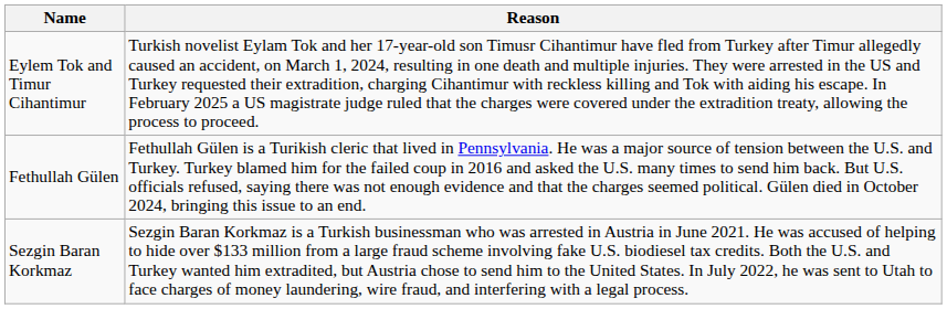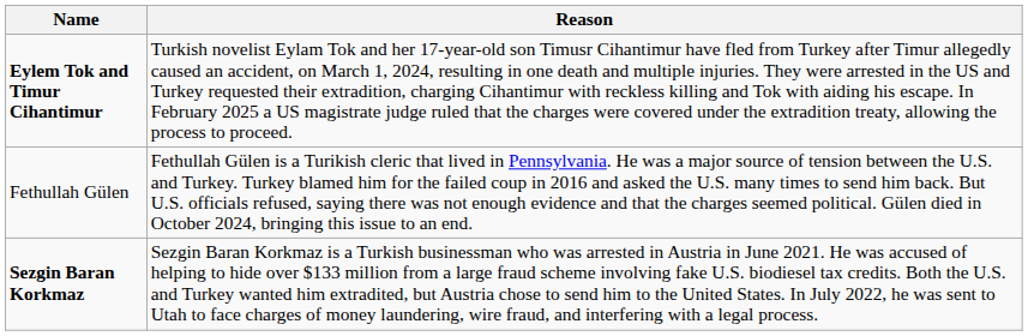 <table class="wikitable" style="margin:auto">
 <tr>
 <th>Name</th>
 <th>Reason</th>
 </tr>
 <tr>
-<td>Eylem Tok and Timur Cihantimur</td>
+<td><strong>Eylem Tok and Timur Cihantimur</strong></td>
 <td>Turkish novelist Eylam Tok and her 17-year-old son Timusr Cihantimur have fled from Turkey after Timur allegedly caused an accident, on March 1, 2024, resulting in one death and multiple injuries. They were arrested in the US and Turkey requested their extradition, charging Cihantimur with reckless killing and Tok with aiding his escape. In February 2025 a US magistrate judge ruled that the charges were covered under the extradition treaty, allowing the process to proceed.</td>
 </tr>
 <tr>
 <td>Fethullah Gülen</td>
 <td>Fethullah Gülen is a Turikish cleric that lived in <a href='#'>Pennsylvania</a>. He was a major source of tension between the U.S. and Turkey. Turkey blamed him for the failed coup in 2016 and asked the U.S. many times to send him back. But U.S. officials refused, saying there was not enough evidence and that the charges seemed political. Gülen died in October 2024, bringing this issue to an end.</td>
 </tr>
 <tr>
-<td>Sezgin Baran Korkmaz</td>
+<td><strong>Sezgin Baran Korkmaz</strong></td>
 <td>Sezgin Baran Korkmaz is a Turkish businessman who was arrested in Austria in June 2021. He was accused of helping to hide over $133 million from a large fraud scheme involving fake U.S. biodiesel tax credits. Both the U.S. and Turkey wanted him extradited, but Austria chose to send him to the United States. In July 2022, he was sent to Utah to face charges of money laundering, wire fraud, and interfering with a legal process.</td>
 </tr>
 </table>
